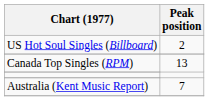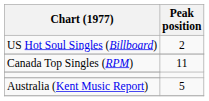 <table class="wikitable sortable">
 <tr>
 <th scope="col">Chart (1977)</th>
 <th>Peak<br>position</th>
 </tr>
 <tr>
 <td scope="row">US <a href='#'>Hot Soul Singles</a> (<em><a href='#'>Billboard</a></em>)</td>
 <td style="text-align:center;">2</td>
 </tr>
 <tr>
 </tr>
 <tr>
 </tr>
 <tr>
 <td>Canada Top Singles (<em><a href='#'>RPM</a></em>)</td>
-<td style="text-align:center;">13</td>
+<td style="text-align:center;">11</td>
 </tr>
 <tr>
 </tr>
 <tr>
 </tr>
 <tr>
 <td></td>
 </tr>
 <tr>
 </tr>
 <tr>
 </tr>
 <tr>
 </tr>
 <tr>
 <td>Australia (<a href='#'>Kent Music Report</a>)</td>
-<td style="text-align:center;">7</td>
+<td style="text-align:center;">5</td>
 </tr>
 <tr>
 </tr>
 </table>
